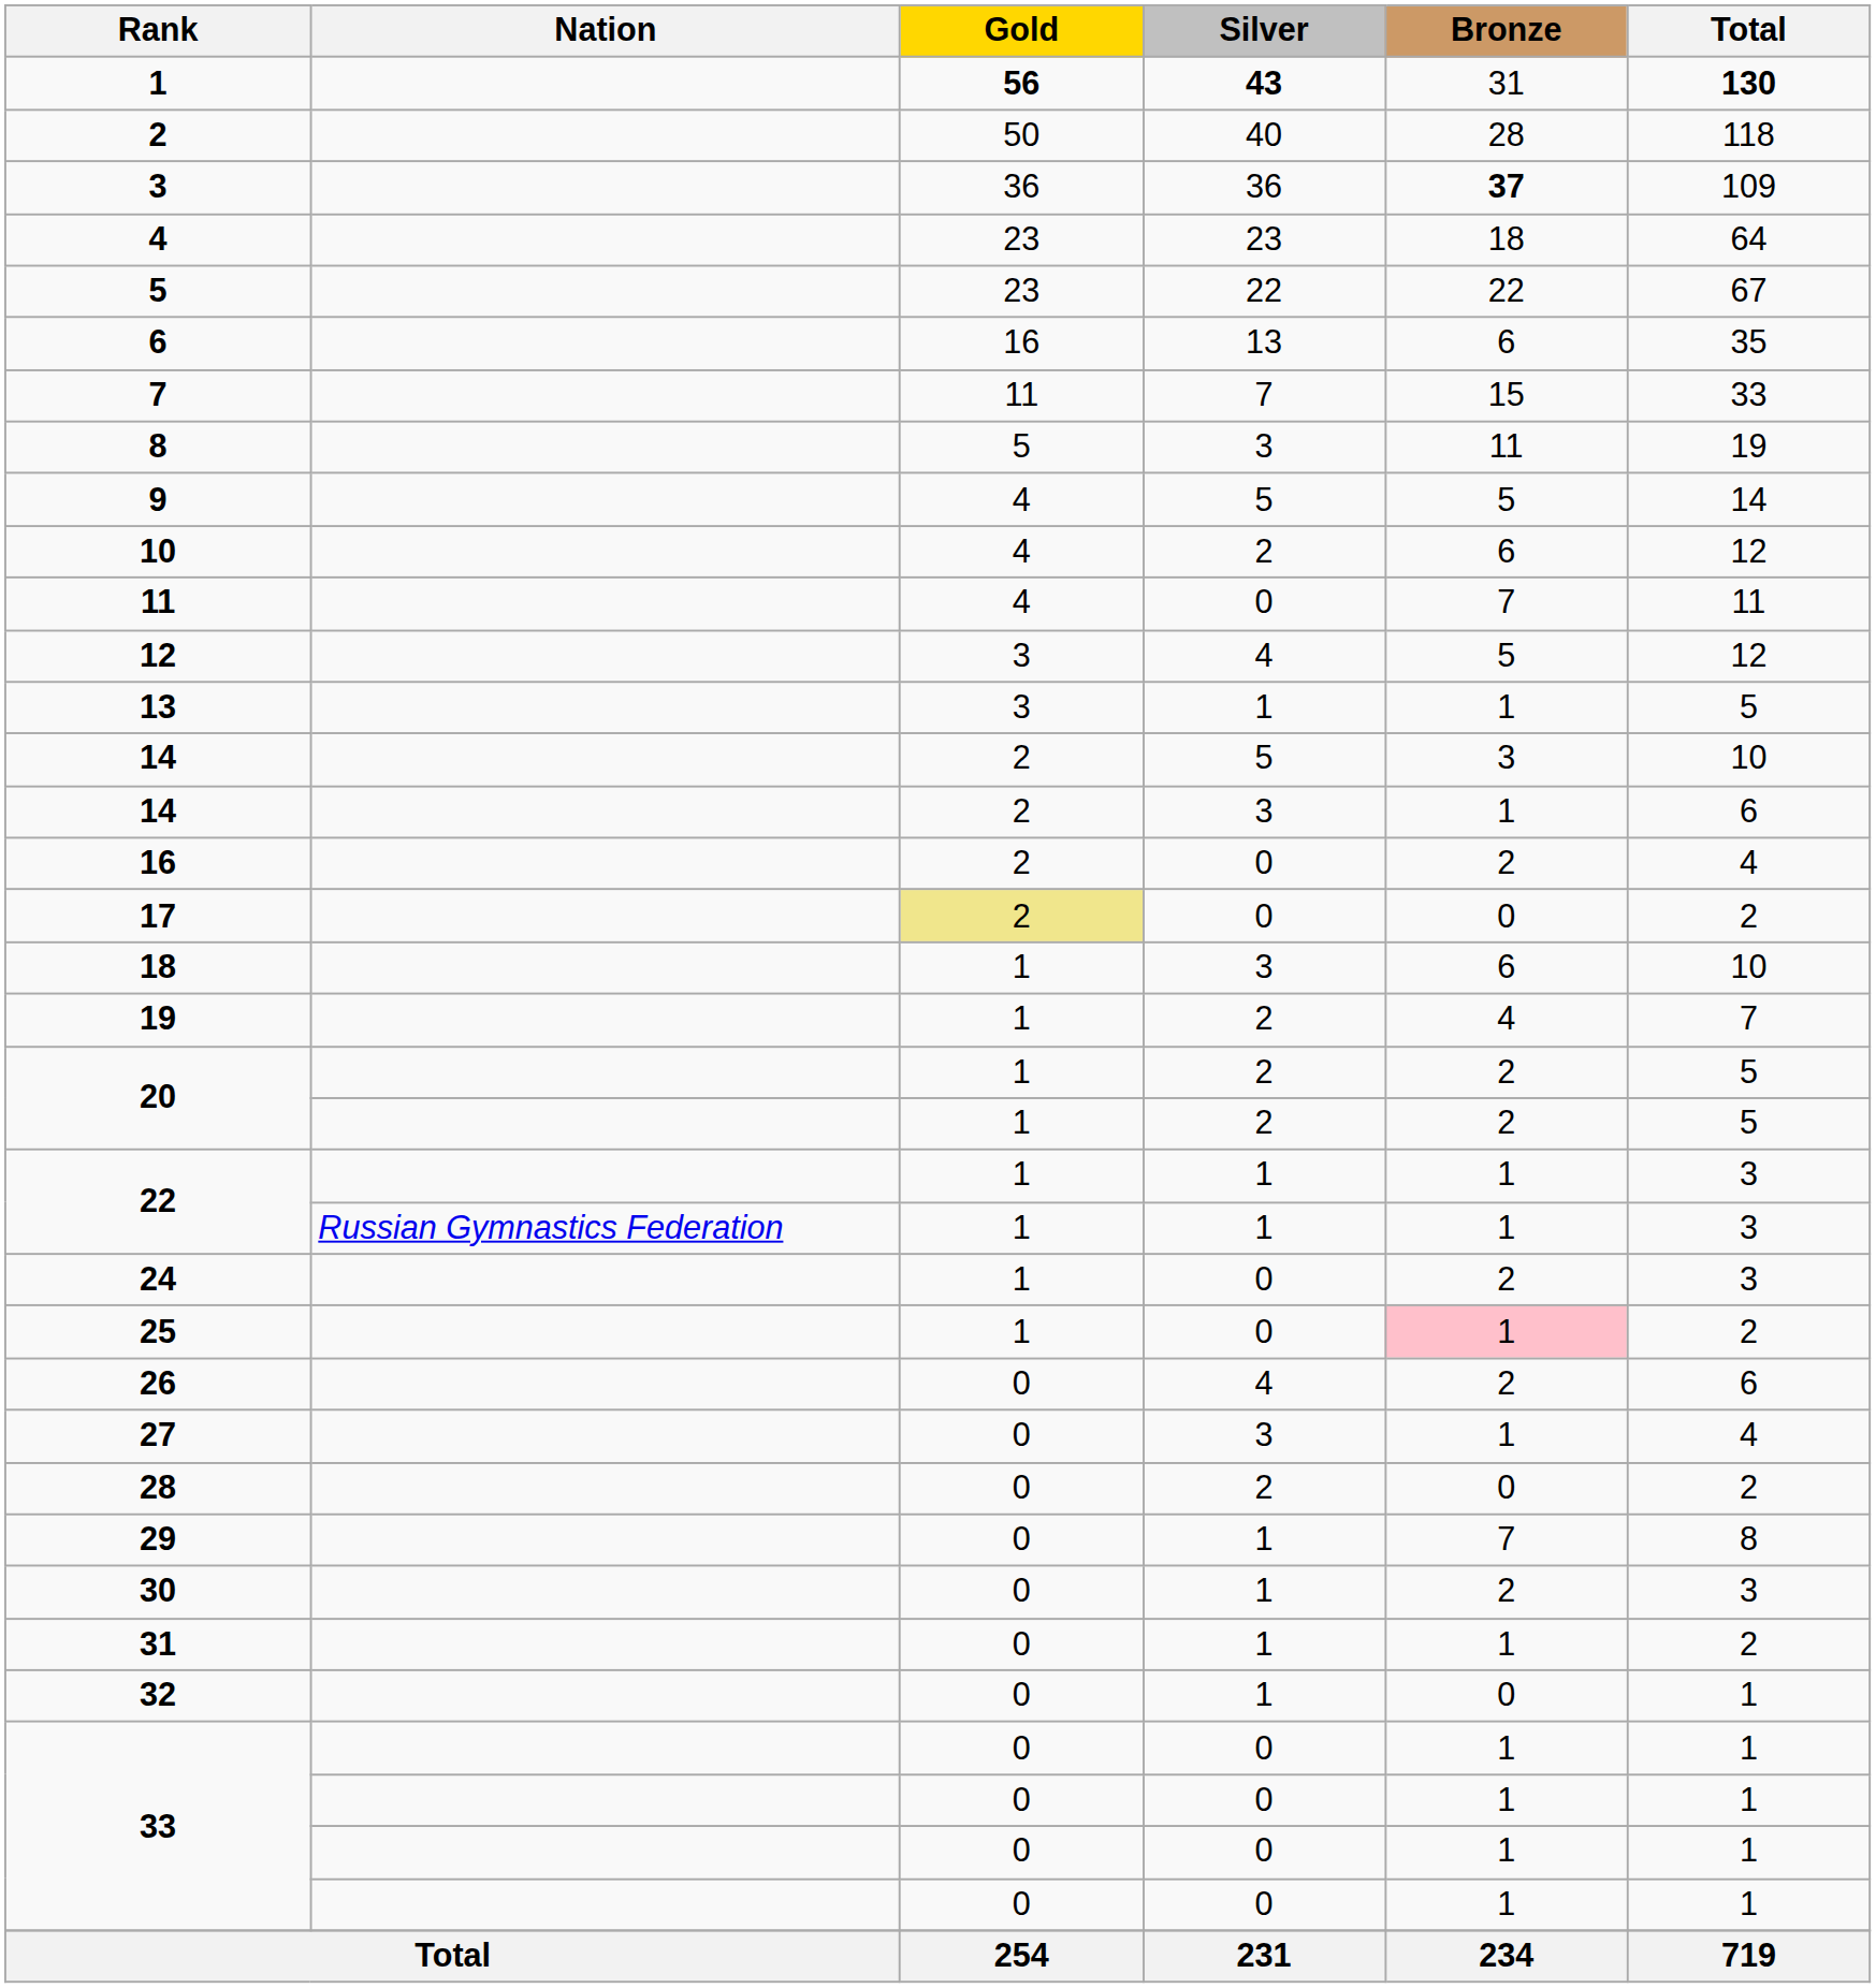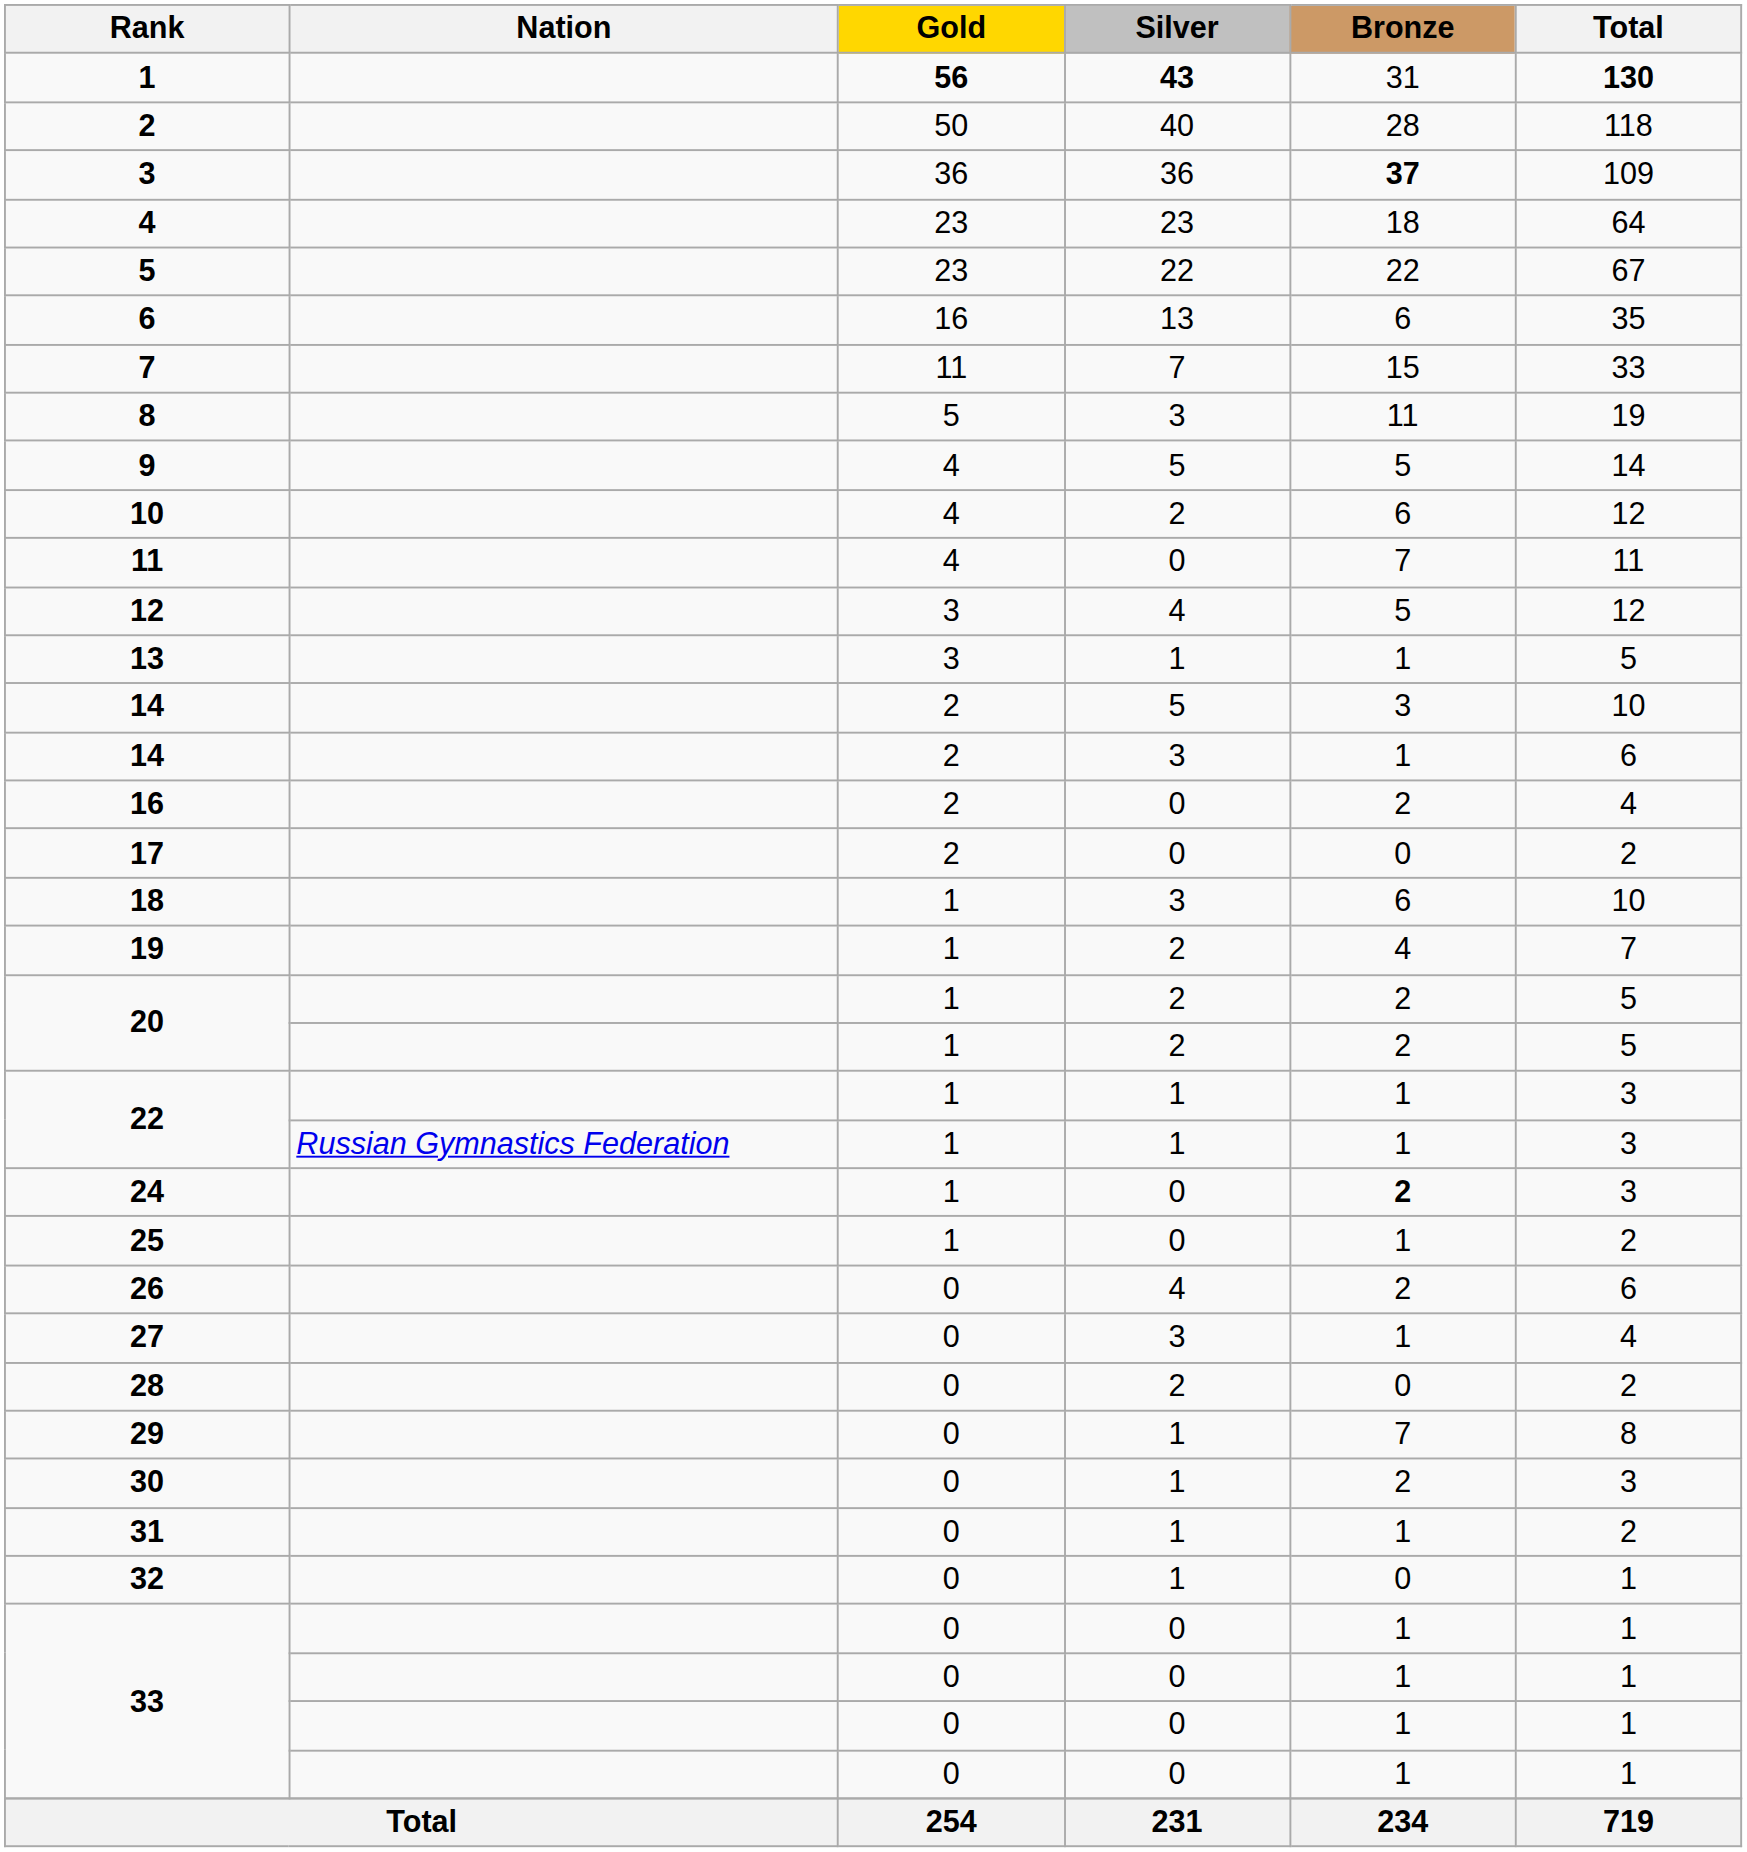 <table class="wikitable collapsible autocollapse plainrowheaders" width=72% style="text-align:center;">
 <tr style="background-color:#EDEDED;">
 <th width=100px class="hintergrundfarbe5">Rank</th>
 <th width=200px class="hintergrundfarbe6">Nation</th>
 <th style="background:    gold; width:13%">Gold</th>
 <th style="background:  silver; width:13%">Silver</th>
 <th style="background: #CC9966; width:13%">Bronze</th>
 <th class="hintergrundfarbe6" style="width:13%">Total</th>
 </tr>
 <tr>
 <td><strong>1</strong></td>
 <td style="text-align: left;"></td>
 <td><strong>56</strong></td>
 <td><strong>43</strong></td>
 <td>31</td>
 <td><strong>130</strong></td>
 </tr>
 <tr>
 <td><strong>2</strong></td>
 <td style="text-align: left;"><em></em></td>
 <td>50</td>
 <td>40</td>
 <td>28</td>
 <td>118</td>
 </tr>
 <tr>
 <td><strong>3</strong></td>
 <td style="text-align: left;"></td>
 <td>36</td>
 <td>36</td>
 <td><strong>37</strong></td>
 <td>109</td>
 </tr>
 <tr>
 <td><strong>4</strong></td>
 <td style="text-align: left;"></td>
 <td>23</td>
 <td>23</td>
 <td>18</td>
 <td>64</td>
 </tr>
 <tr>
 <td><strong>5</strong></td>
 <td style="text-align: left;"></td>
 <td>23</td>
 <td>22</td>
 <td>22</td>
 <td>67</td>
 </tr>
 <tr>
 <td><strong>6</strong></td>
 <td style="text-align: left;"><em></em></td>
 <td>16</td>
 <td>13</td>
 <td>6</td>
 <td>35</td>
 </tr>
 <tr>
 <td><strong>7</strong></td>
 <td style="text-align: left;"><em></em></td>
 <td>11</td>
 <td>7</td>
 <td>15</td>
 <td>33</td>
 </tr>
 <tr>
 <td><strong>8</strong></td>
 <td style="text-align: left;"></td>
 <td>5</td>
 <td>3</td>
 <td>11</td>
 <td>19</td>
 </tr>
 <tr>
 <td><strong>9</strong></td>
 <td style="text-align: left;"></td>
 <td>4</td>
 <td>5</td>
 <td>5</td>
 <td>14</td>
 </tr>
 <tr>
 <td><strong>10</strong></td>
 <td style="text-align: left;"></td>
 <td>4</td>
 <td>2</td>
 <td>6</td>
 <td>12</td>
 </tr>
 <tr>
 <td><strong>11</strong></td>
 <td style="text-align: left;"></td>
 <td>4</td>
 <td>0</td>
 <td>7</td>
 <td>11</td>
 </tr>
 <tr>
 <td><strong>12</strong></td>
 <td style="text-align: left;"></td>
 <td>3</td>
 <td>4</td>
 <td>5</td>
 <td>12</td>
 </tr>
 <tr>
 <td><strong>13</strong></td>
 <td style="text-align: left;"></td>
 <td>3</td>
 <td>1</td>
 <td>1</td>
 <td>5</td>
 </tr>
 <tr>
 <td><strong>14</strong></td>
 <td style="text-align: left;"></td>
 <td>2</td>
 <td>5</td>
 <td>3</td>
 <td>10</td>
 </tr>
 <tr>
 <td><strong>14</strong></td>
 <td style="text-align: left;"></td>
 <td>2</td>
 <td>3</td>
 <td>1</td>
 <td>6</td>
 </tr>
 <tr>
 <td><strong>16</strong></td>
 <td style="text-align: left;"></td>
 <td>2</td>
 <td>0</td>
 <td>2</td>
 <td>4</td>
 </tr>
 <tr>
 <td><strong>17</strong></td>
 <td style="text-align: left;"></td>
-<td style="background: khaki;">2</td>
+<td>2</td>
 <td>0</td>
 <td>0</td>
 <td>2</td>
 </tr>
 <tr>
 <td><strong>18</strong></td>
 <td style="text-align: left;"></td>
 <td>1</td>
 <td>3</td>
 <td>6</td>
 <td>10</td>
 </tr>
 <tr>
 <td><strong>19</strong></td>
 <td style="text-align: left;"></td>
 <td>1</td>
 <td>2</td>
 <td>4</td>
 <td>7</td>
 </tr>
 <tr>
 <td rowspan=2><strong>20</strong></td>
 <td style="text-align: left;"></td>
 <td>1</td>
 <td>2</td>
 <td>2</td>
 <td>5</td>
 </tr>
 <tr>
 <td style="text-align: left;"></td>
 <td>1</td>
 <td>2</td>
 <td>2</td>
 <td>5</td>
 </tr>
 <tr>
 <td rowspan=2><strong>22</strong></td>
 <td style="text-align: left;"></td>
 <td>1</td>
 <td>1</td>
 <td>1</td>
 <td>3</td>
 </tr>
 <tr>
 <td style="text-align: left;"><em><a href='#'>Russian Gymnastics Federation</a></em> </td>
 <td>1</td>
 <td>1</td>
 <td>1</td>
 <td>3</td>
 </tr>
 <tr>
 <td><strong>24</strong></td>
 <td style="text-align: left;"></td>
 <td>1</td>
 <td>0</td>
-<td>2</td>
+<td><strong>2</strong></td>
 <td>3</td>
 </tr>
 <tr>
 <td><strong>25</strong></td>
 <td style="text-align: left;"></td>
 <td>1</td>
 <td>0</td>
-<td style="background: pink;">1</td>
+<td>1</td>
 <td>2</td>
 </tr>
 <tr>
 <td><strong>26</strong></td>
 <td style="text-align: left;"></td>
 <td>0</td>
 <td>4</td>
 <td>2</td>
 <td>6</td>
 </tr>
 <tr>
 <td><strong>27</strong></td>
 <td style="text-align: left;"></td>
 <td>0</td>
 <td>3</td>
 <td>1</td>
 <td>4</td>
 </tr>
 <tr>
 <td><strong>28</strong></td>
 <td style="text-align: left;"><em></em></td>
 <td>0</td>
 <td>2</td>
 <td>0</td>
 <td>2</td>
 </tr>
 <tr>
 <td><strong>29</strong></td>
 <td style="text-align: left;"></td>
 <td>0</td>
 <td>1</td>
 <td>7</td>
 <td>8</td>
 </tr>
 <tr>
 <td><strong>30</strong></td>
 <td style="text-align: left;"><em></em> </td>
 <td>0</td>
 <td>1</td>
 <td>2</td>
 <td>3</td>
 </tr>
 <tr>
 <td><strong>31</strong></td>
 <td style="text-align: left;"></td>
 <td>0</td>
 <td>1</td>
 <td>1</td>
 <td>2</td>
 </tr>
 <tr>
 <td><strong>32</strong></td>
 <td style="text-align: left;"></td>
 <td>0</td>
 <td>1</td>
 <td>0</td>
 <td>1</td>
 </tr>
 <tr>
 <td rowspan=4><strong>33</strong></td>
 <td style="text-align: left;"></td>
 <td>0</td>
 <td>0</td>
 <td>1</td>
 <td>1</td>
 </tr>
 <tr>
 <td style="text-align: left;"></td>
 <td>0</td>
 <td>0</td>
 <td>1</td>
 <td>1</td>
 </tr>
 <tr>
 <td style="text-align: left;"></td>
 <td>0</td>
 <td>0</td>
 <td>1</td>
 <td>1</td>
 </tr>
 <tr>
 <td style="text-align: left;"></td>
 <td>0</td>
 <td>0</td>
 <td>1</td>
 <td>1</td>
 </tr>
 <tr>
 </tr>
 <tr class="sortbottom">
 <th colspan=2>Total</th>
 <th>254</th>
 <th>231</th>
 <th>234</th>
 <th>719</th>
 </tr>
 </table>
